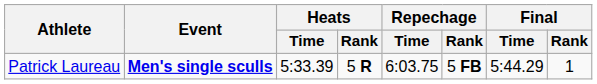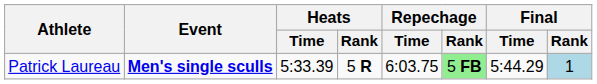 <table class="wikitable" style="font-size:90%;">
 <tr>
 <th rowspan="2">Athlete</th>
 <th rowspan="2">Event</th>
 <th colspan="2">Heats</th>
 <th colspan="2">Repechage</th>
 <th colspan="2">Final</th>
 </tr>
 <tr style="font-size:95%">
 <th>Time</th>
 <th>Rank</th>
 <th>Time</th>
 <th>Rank</th>
 <th>Time</th>
 <th>Rank</th>
 </tr>
 <tr>
 <td align=left><a href='#'>Patrick Laureau</a></td>
 <td align=left><strong><a href='#'>Men's single sculls</a></strong></td>
 <td align=center>5:33.39</td>
 <td align=center>5 <strong>R</strong></td>
 <td align=center>6:03.75</td>
-<td align=center>5 <strong>FB</strong></td>
+<td align=center style="background: lightgreen;">5 <strong>FB</strong></td>
 <td align=center>5:44.29</td>
-<td align=center>1</td>
+<td align=center style="background: lightblue;">1</td>
 </tr>
 </table>
